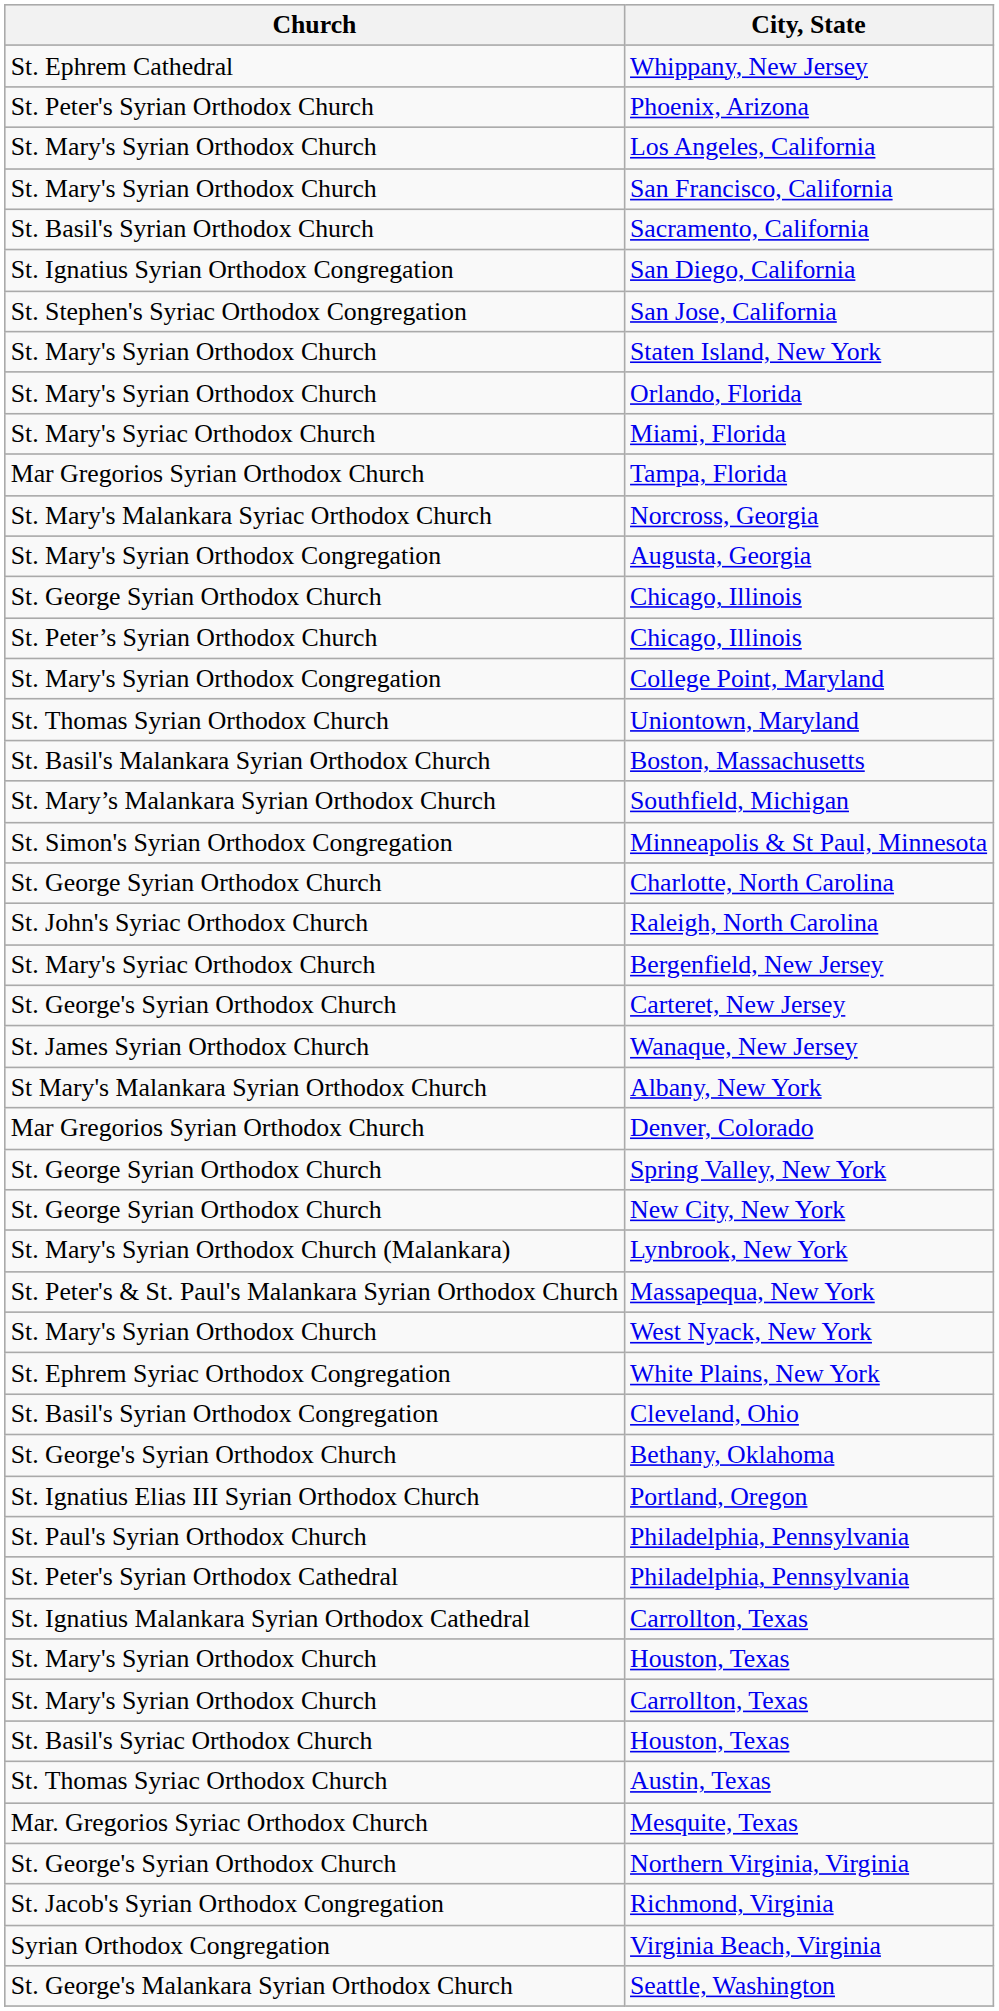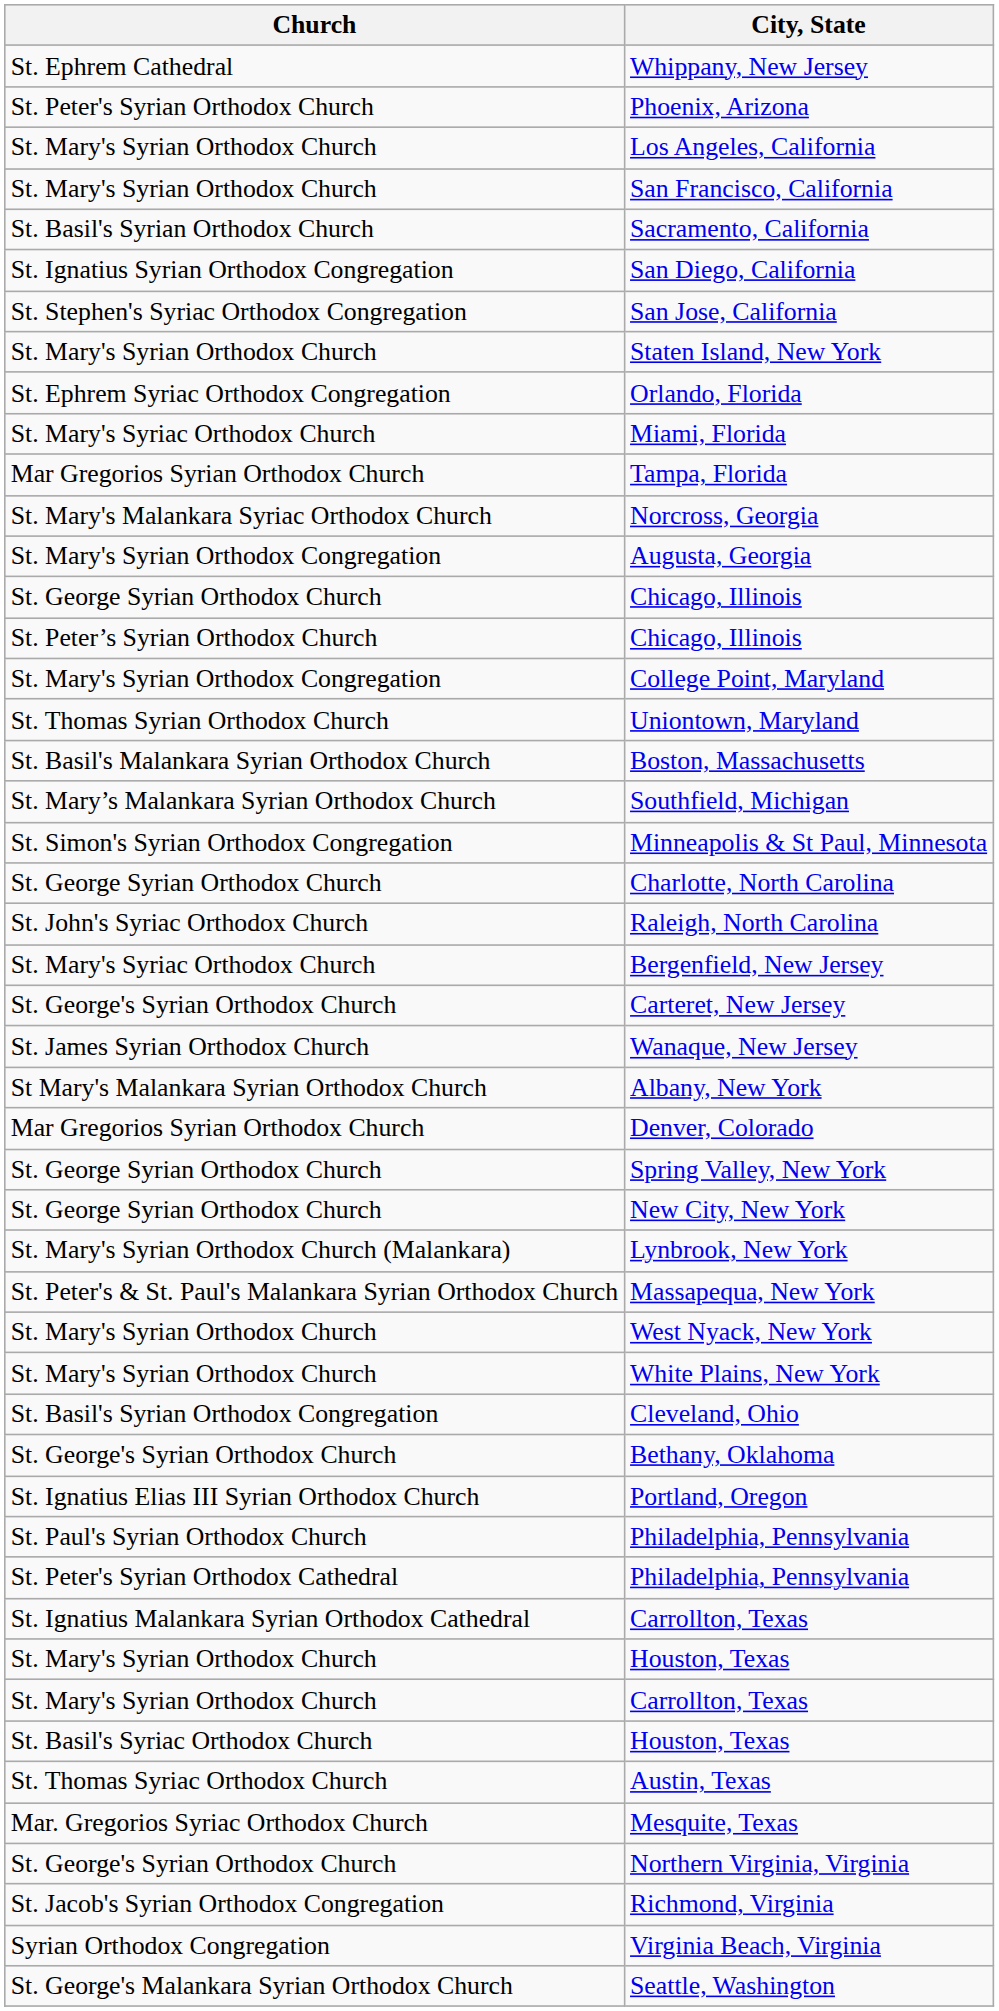 <table class="wikitable">
 <tr>
 <th>Church</th>
 <th>City, State</th>
 </tr>
 <tr>
 <td>St. Ephrem Cathedral</td>
 <td><a href='#'>Whippany, New Jersey</a></td>
 </tr>
 <tr>
 <td>St. Peter's Syrian Orthodox Church</td>
 <td><a href='#'>Phoenix, Arizona</a></td>
 </tr>
 <tr>
 <td>St. Mary's Syrian Orthodox Church</td>
 <td><a href='#'>Los Angeles, California</a></td>
 </tr>
 <tr>
 <td>St. Mary's Syrian Orthodox Church</td>
 <td><a href='#'>San Francisco, California</a></td>
 </tr>
 <tr>
 <td>St. Basil's Syrian Orthodox Church</td>
 <td><a href='#'>Sacramento, California</a></td>
 </tr>
 <tr>
 <td>St. Ignatius Syrian Orthodox Congregation</td>
 <td><a href='#'>San Diego, California</a></td>
 </tr>
 <tr>
 <td>St. Stephen's Syriac Orthodox Congregation</td>
 <td><a href='#'>San Jose, California</a></td>
 </tr>
 <tr>
 <td>St. Mary's Syrian Orthodox Church</td>
 <td><a href='#'>Staten Island, New York</a></td>
 </tr>
 <tr>
-<td>St. Mary's Syrian Orthodox Church</td>
+<td>St. Ephrem Syriac Orthodox Congregation</td>
 <td><a href='#'>Orlando, Florida</a></td>
 </tr>
 <tr>
 <td>St. Mary's Syriac Orthodox Church</td>
 <td><a href='#'>Miami, Florida</a></td>
 </tr>
 <tr>
 <td>Mar Gregorios Syrian Orthodox Church</td>
 <td><a href='#'>Tampa, Florida</a></td>
 </tr>
 <tr>
 <td>St. Mary's Malankara Syriac Orthodox Church</td>
 <td><a href='#'>Norcross, Georgia</a></td>
 </tr>
 <tr>
 <td>St. Mary's Syrian Orthodox Congregation</td>
 <td><a href='#'>Augusta, Georgia</a></td>
 </tr>
 <tr>
 <td>St. George Syrian Orthodox Church</td>
 <td><a href='#'>Chicago, Illinois</a></td>
 </tr>
 <tr>
 <td>St. Peter’s Syrian Orthodox Church</td>
 <td><a href='#'>Chicago, Illinois</a></td>
 </tr>
 <tr>
 <td>St. Mary's Syrian Orthodox Congregation</td>
 <td><a href='#'>College Point, Maryland</a></td>
 </tr>
 <tr>
 <td>St. Thomas Syrian Orthodox Church</td>
 <td><a href='#'>Uniontown, Maryland</a></td>
 </tr>
 <tr>
 <td>St. Basil's Malankara Syrian Orthodox Church</td>
 <td><a href='#'>Boston, Massachusetts</a></td>
 </tr>
 <tr>
 <td>St. Mary’s Malankara Syrian Orthodox Church</td>
 <td><a href='#'>Southfield, Michigan</a></td>
 </tr>
 <tr>
 <td>St. Simon's Syrian Orthodox Congregation</td>
 <td><a href='#'>Minneapolis & St Paul, Minnesota</a></td>
 </tr>
 <tr>
 <td>St. George Syrian Orthodox Church</td>
 <td><a href='#'>Charlotte, North Carolina</a></td>
 </tr>
 <tr>
 <td>St. John's Syriac Orthodox Church</td>
 <td><a href='#'>Raleigh, North Carolina</a></td>
 </tr>
 <tr>
 <td>St. Mary's Syriac Orthodox Church</td>
 <td><a href='#'>Bergenfield, New Jersey</a></td>
 </tr>
 <tr>
 <td>St. George's Syrian Orthodox Church</td>
 <td><a href='#'>Carteret, New Jersey</a></td>
 </tr>
 <tr>
 <td>St. James Syrian Orthodox Church</td>
 <td><a href='#'>Wanaque, New Jersey</a></td>
 </tr>
 <tr>
 <td>St Mary's Malankara Syrian Orthodox Church</td>
 <td><a href='#'>Albany, New York</a></td>
 </tr>
 <tr>
 <td>Mar Gregorios Syrian Orthodox Church</td>
 <td><a href='#'>Denver, Colorado</a></td>
 </tr>
 <tr>
 <td>St. George Syrian Orthodox Church</td>
 <td><a href='#'>Spring Valley, New York</a></td>
 </tr>
 <tr>
 <td>St. George Syrian Orthodox Church</td>
 <td><a href='#'>New City, New York</a></td>
 </tr>
 <tr>
 <td>St. Mary's Syrian Orthodox Church (Malankara)</td>
 <td><a href='#'>Lynbrook, New York</a></td>
 </tr>
 <tr>
 <td>St. Peter's & St. Paul's Malankara Syrian Orthodox Church</td>
 <td><a href='#'>Massapequa, New York</a></td>
 </tr>
 <tr>
 <td>St. Mary's Syrian Orthodox Church</td>
 <td><a href='#'>West Nyack, New York</a></td>
 </tr>
 <tr>
-<td>St. Ephrem Syriac Orthodox Congregation</td>
+<td>St. Mary's Syrian Orthodox Church</td>
 <td><a href='#'>White Plains, New York</a></td>
 </tr>
 <tr>
 <td>St. Basil's Syrian Orthodox Congregation</td>
 <td><a href='#'>Cleveland, Ohio</a></td>
 </tr>
 <tr>
 <td>St. George's Syrian Orthodox Church</td>
 <td><a href='#'>Bethany, Oklahoma</a></td>
 </tr>
 <tr>
 <td>St. Ignatius Elias III Syrian Orthodox Church</td>
 <td><a href='#'>Portland, Oregon</a></td>
 </tr>
 <tr>
 <td>St. Paul's Syrian Orthodox Church</td>
 <td><a href='#'>Philadelphia, Pennsylvania</a></td>
 </tr>
 <tr>
 <td>St. Peter's Syrian Orthodox Cathedral</td>
 <td><a href='#'>Philadelphia, Pennsylvania</a></td>
 </tr>
 <tr>
 <td>St. Ignatius Malankara Syrian Orthodox Cathedral</td>
 <td><a href='#'>Carrollton, Texas</a></td>
 </tr>
 <tr>
 <td>St. Mary's Syrian Orthodox Church</td>
 <td><a href='#'>Houston, Texas</a></td>
 </tr>
 <tr>
 <td>St. Mary's Syrian Orthodox Church</td>
 <td><a href='#'>Carrollton, Texas</a></td>
 </tr>
 <tr>
 <td>St. Basil's Syriac Orthodox Church</td>
 <td><a href='#'>Houston, Texas</a></td>
 </tr>
 <tr>
 <td>St. Thomas Syriac Orthodox Church</td>
 <td><a href='#'>Austin, Texas</a></td>
 </tr>
 <tr>
 <td>Mar. Gregorios Syriac Orthodox Church</td>
 <td><a href='#'>Mesquite, Texas</a></td>
 </tr>
 <tr>
 <td>St. George's Syrian Orthodox Church</td>
 <td><a href='#'>Northern Virginia, Virginia</a></td>
 </tr>
 <tr>
 <td>St. Jacob's Syrian Orthodox Congregation</td>
 <td><a href='#'>Richmond, Virginia</a></td>
 </tr>
 <tr>
 <td>Syrian Orthodox Congregation</td>
 <td><a href='#'>Virginia Beach, Virginia</a></td>
 </tr>
 <tr>
 <td>St. George's Malankara Syrian Orthodox Church</td>
 <td><a href='#'>Seattle, Washington</a></td>
 </tr>
 </table>
